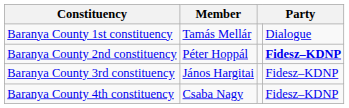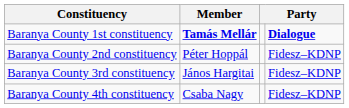 <table class="wikitable">
 <tr>
 <th>Constituency</th>
 <th>Member</th>
 <th colspan="2">Party</th>
 </tr>
 <tr>
 <td><a href='#'>Baranya County 1st constituency</a></td>
-<td><a href='#'>Tamás Mellár</a></td>
+<td><strong><a href='#'>Tamás Mellár</a></strong></td>
 <td style="background-color: "></td>
-<td><a href='#'>Dialogue</a></td>
+<td><strong><a href='#'>Dialogue</a></strong></td>
 </tr>
 <tr>
 <td><a href='#'>Baranya County 2nd constituency</a></td>
 <td><a href='#'>Péter Hoppál</a></td>
 <td style="background-color: "></td>
-<td><strong><a href='#'>Fidesz–KDNP</a></strong></td>
+<td><a href='#'>Fidesz–KDNP</a></td>
 </tr>
 <tr>
 <td><a href='#'>Baranya County 3rd constituency</a></td>
 <td><a href='#'>János Hargitai</a></td>
 <td style="background-color: "></td>
 <td><a href='#'>Fidesz–KDNP</a></td>
 </tr>
 <tr>
 <td><a href='#'>Baranya County 4th constituency</a></td>
 <td><a href='#'>Csaba Nagy</a></td>
 <td style="background-color: "></td>
 <td><a href='#'>Fidesz–KDNP</a></td>
 </tr>
 </table>
